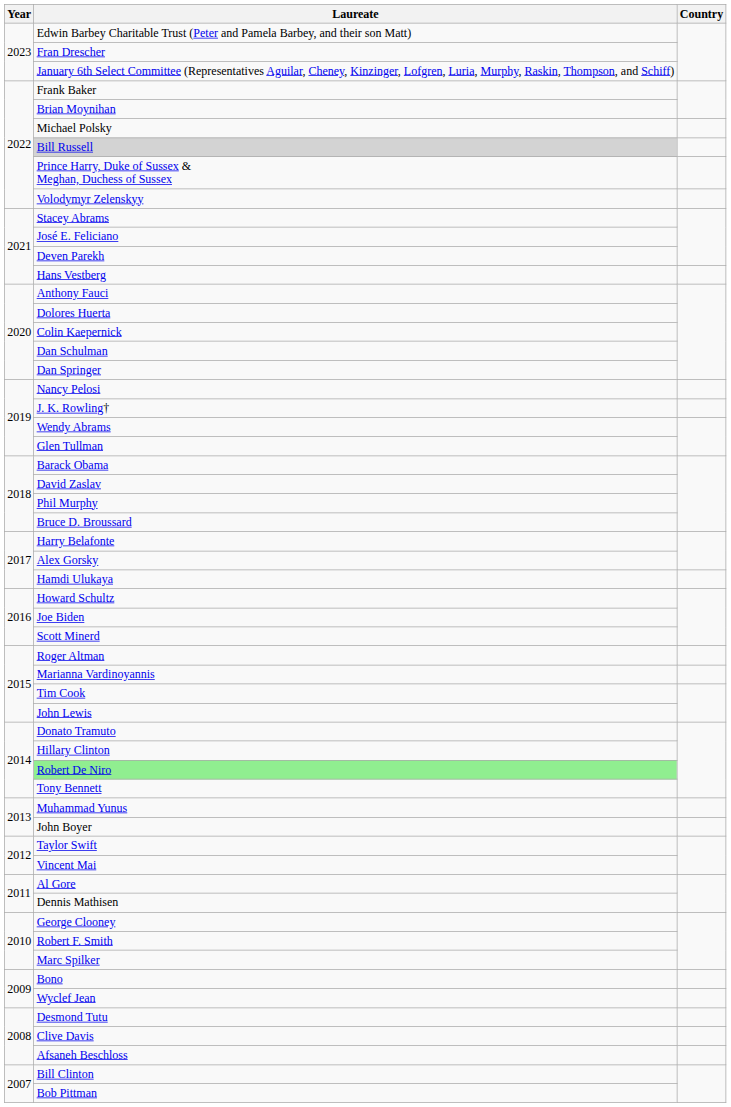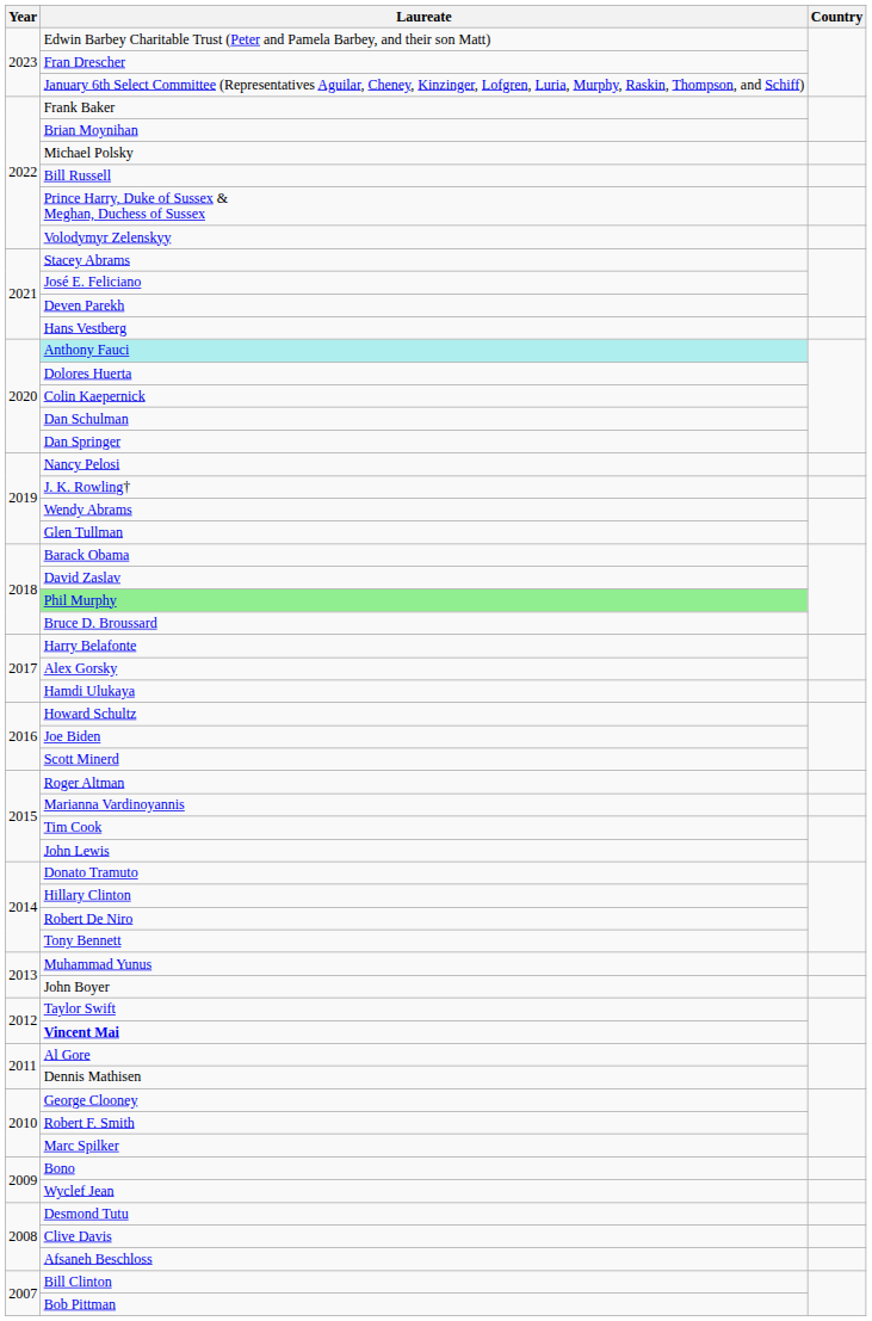 <table class="wikitable sortable">
 <tr>
 <th>Year</th>
 <th>Laureate</th>
 <th>Country</th>
 </tr>
 <tr>
 <td rowspan="3">2023</td>
 <td>Edwin Barbey Charitable Trust (<a href='#'>Peter</a> and Pamela Barbey, and their son Matt)</td>
 <td rowspan="3"></td>
 </tr>
 <tr>
 <td><a href='#'>Fran Drescher</a></td>
 </tr>
 <tr>
 <td><a href='#'>January 6th Select Committee</a> (Representatives <a href='#'>Aguilar</a>, <a href='#'>Cheney</a>, <a href='#'>Kinzinger</a>, <a href='#'>Lofgren</a>, <a href='#'>Luria</a>, <a href='#'>Murphy</a>, <a href='#'>Raskin</a>, <a href='#'>Thompson</a>, and <a href='#'>Schiff</a>)</td>
 </tr>
 <tr>
 <td rowspan="6">2022</td>
 <td>Frank Baker</td>
 <td rowspan="2"></td>
 </tr>
 <tr>
 <td><a href='#'>Brian Moynihan</a></td>
 </tr>
 <tr>
 <td>Michael Polsky</td>
 <td><br></td>
 </tr>
 <tr>
-<td style="background: lightgrey;"><a href='#'>Bill Russell</a></td>
+<td><a href='#'>Bill Russell</a></td>
 <td></td>
 </tr>
 <tr>
 <td><a href='#'>Prince Harry, Duke of Sussex</a> &<br> <a href='#'>Meghan, Duchess of Sussex</a></td>
 <td><br></td>
 </tr>
 <tr>
 <td><a href='#'>Volodymyr Zelenskyy</a></td>
 <td></td>
 </tr>
 <tr>
 <td rowspan="4">2021</td>
 <td><a href='#'>Stacey Abrams</a></td>
 <td rowspan="3"></td>
 </tr>
 <tr>
 <td><a href='#'>José E. Feliciano</a></td>
 </tr>
 <tr>
 <td><a href='#'>Deven Parekh</a></td>
 </tr>
 <tr>
 <td><a href='#'>Hans Vestberg</a></td>
 <td></td>
 </tr>
 <tr>
 <td rowspan="5">2020</td>
-<td><a href='#'>Anthony Fauci</a></td>
+<td style="background: paleturquoise;"><a href='#'>Anthony Fauci</a></td>
 <td rowspan="5"></td>
 </tr>
 <tr>
 <td><a href='#'>Dolores Huerta</a></td>
 </tr>
 <tr>
 <td><a href='#'>Colin Kaepernick</a></td>
 </tr>
 <tr>
 <td><a href='#'>Dan Schulman</a></td>
 </tr>
 <tr>
 <td><a href='#'>Dan Springer</a></td>
 </tr>
 <tr>
 <td rowspan="4">2019</td>
 <td><a href='#'>Nancy Pelosi</a></td>
 <td></td>
 </tr>
 <tr>
 <td><a href='#'>J. K. Rowling</a>†</td>
 <td></td>
 </tr>
 <tr>
 <td><a href='#'>Wendy Abrams</a></td>
 <td rowspan="2"></td>
 </tr>
 <tr>
 <td><a href='#'>Glen Tullman</a></td>
 </tr>
 <tr>
 <td rowspan="4">2018</td>
 <td><a href='#'>Barack Obama</a></td>
 <td rowspan="4"></td>
 </tr>
 <tr>
 <td><a href='#'>David Zaslav</a></td>
 </tr>
 <tr>
-<td><a href='#'>Phil Murphy</a></td>
+<td style="background: lightgreen;"><a href='#'>Phil Murphy</a></td>
 </tr>
 <tr>
 <td><a href='#'>Bruce D. Broussard</a></td>
 </tr>
 <tr>
 <td rowspan="3">2017</td>
 <td><a href='#'>Harry Belafonte</a></td>
 <td rowspan="2"></td>
 </tr>
 <tr>
 <td><a href='#'>Alex Gorsky</a></td>
 </tr>
 <tr>
 <td><a href='#'>Hamdi Ulukaya</a></td>
 <td></td>
 </tr>
 <tr>
 <td rowspan="3">2016</td>
 <td><a href='#'>Howard Schultz</a></td>
 <td rowspan="3"></td>
 </tr>
 <tr>
 <td><a href='#'>Joe Biden</a></td>
 </tr>
 <tr>
 <td><a href='#'>Scott Minerd</a></td>
 </tr>
 <tr>
 <td rowspan="4">2015</td>
 <td><a href='#'>Roger Altman</a></td>
 <td></td>
 </tr>
 <tr>
 <td><a href='#'>Marianna Vardinoyannis</a></td>
 <td></td>
 </tr>
 <tr>
 <td><a href='#'>Tim Cook</a></td>
 <td rowspan="2"></td>
 </tr>
 <tr>
 <td><a href='#'>John Lewis</a></td>
 </tr>
 <tr>
 <td rowspan="4">2014</td>
 <td><a href='#'>Donato Tramuto</a></td>
 <td rowspan="4"></td>
 </tr>
 <tr>
 <td><a href='#'>Hillary Clinton</a></td>
 </tr>
 <tr>
-<td style="background: lightgreen;"><a href='#'>Robert De Niro</a></td>
+<td><a href='#'>Robert De Niro</a></td>
 </tr>
 <tr>
 <td><a href='#'>Tony Bennett</a></td>
 </tr>
 <tr>
 <td rowspan="2">2013</td>
 <td><a href='#'>Muhammad Yunus</a></td>
 <td></td>
 </tr>
 <tr>
 <td>John Boyer</td>
 <td></td>
 </tr>
 <tr>
 <td rowspan="2">2012</td>
 <td><a href='#'>Taylor Swift</a></td>
 <td rowspan="2"></td>
 </tr>
 <tr>
-<td><a href='#'>Vincent Mai</a></td>
+<td><strong><a href='#'>Vincent Mai</a></strong></td>
 </tr>
 <tr>
 <td rowspan="2">2011</td>
 <td><a href='#'>Al Gore</a></td>
 <td rowspan="2"></td>
 </tr>
 <tr>
 <td>Dennis Mathisen</td>
 </tr>
 <tr>
 <td rowspan="3">2010</td>
 <td><a href='#'>George Clooney</a></td>
 <td rowspan="3"></td>
 </tr>
 <tr>
 <td><a href='#'>Robert F. Smith</a></td>
 </tr>
 <tr>
 <td><a href='#'>Marc Spilker</a></td>
 </tr>
 <tr>
 <td rowspan="2">2009</td>
 <td><a href='#'>Bono</a></td>
 <td></td>
 </tr>
 <tr>
 <td><a href='#'>Wyclef Jean</a></td>
 <td></td>
 </tr>
 <tr>
 <td rowspan="3">2008</td>
 <td><a href='#'>Desmond Tutu</a></td>
 <td></td>
 </tr>
 <tr>
 <td><a href='#'>Clive Davis</a></td>
 <td></td>
 </tr>
 <tr>
 <td><a href='#'>Afsaneh Beschloss</a></td>
 <td></td>
 </tr>
 <tr>
 <td rowspan="2">2007</td>
 <td><a href='#'>Bill Clinton</a></td>
 <td rowspan="2"></td>
 </tr>
 <tr>
 <td><a href='#'>Bob Pittman</a></td>
 </tr>
 </table>
